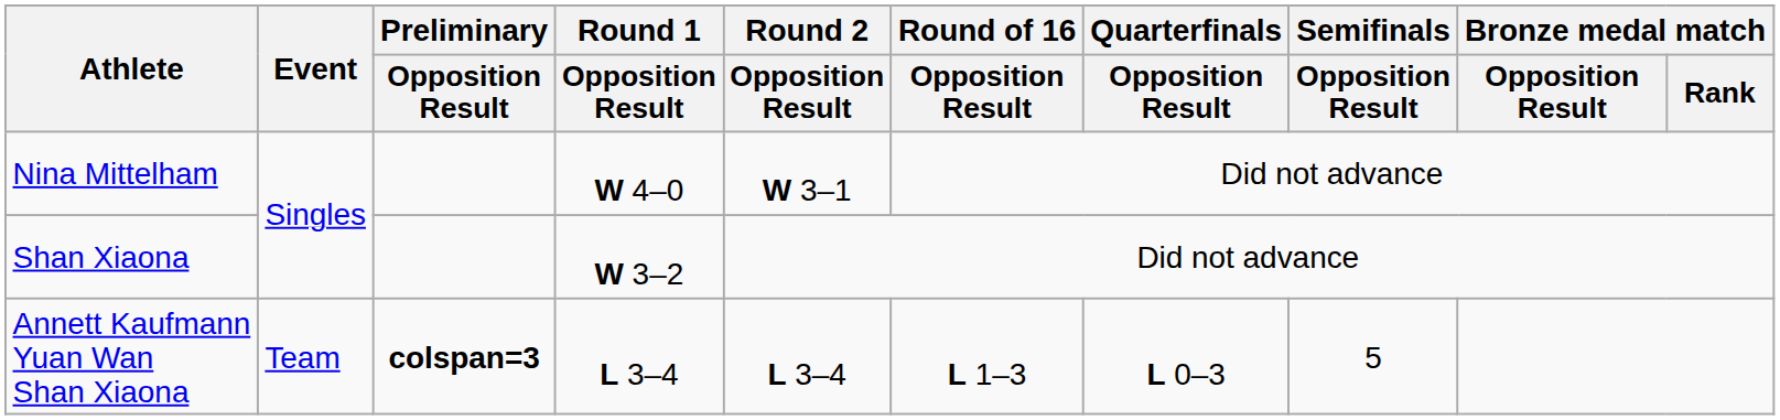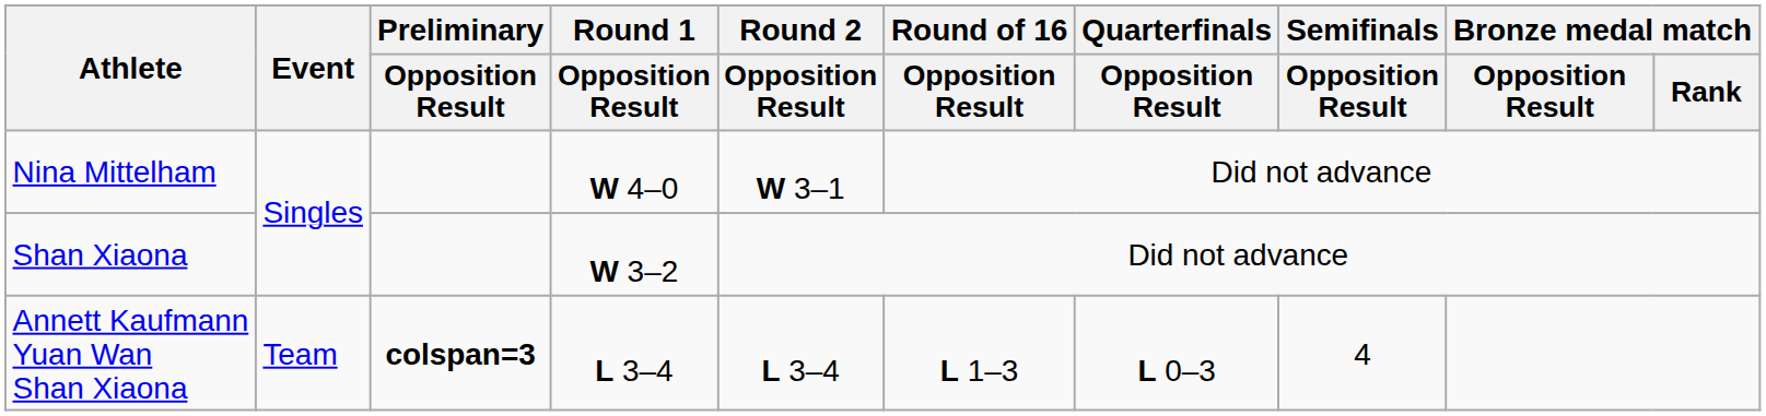 <table class=wikitable style=font-size:90%;text-align:center>
 <tr>
 <th rowspan=2>Athlete</th>
 <th rowspan=2>Event</th>
 <th>Preliminary</th>
 <th>Round 1</th>
 <th>Round 2</th>
 <th>Round of 16</th>
 <th>Quarterfinals</th>
 <th>Semifinals</th>
 <th colspan=2>Bronze medal match</th>
 </tr>
 <tr style=font-size:95%>
 <th>Opposition<br>Result</th>
 <th>Opposition<br>Result</th>
 <th>Opposition<br>Result</th>
 <th>Opposition<br>Result</th>
 <th>Opposition<br>Result</th>
 <th>Opposition<br>Result</th>
 <th>Opposition<br>Result</th>
 <th>Rank</th>
 </tr>
 <tr>
 <td align=left><a href='#'>Nina Mittelham</a></td>
 <td align=left rowspan=2><a href='#'>Singles</a></td>
 <td></td>
 <td><br><strong>W</strong> 4–0</td>
 <td><br><strong>W</strong> 3–1</td>
 <td colspan=5>Did not advance</td>
 </tr>
 <tr align=center>
 <td align=left><a href='#'>Shan Xiaona</a></td>
 <td></td>
 <td><br><strong>W</strong> 3–2</td>
 <td colspan=6>Did not advance</td>
 </tr>
 <tr>
 <td align=left><a href='#'>Annett Kaufmann</a><br><a href='#'>Yuan Wan</a><br><a href='#'>Shan Xiaona</a></td>
 <td align=left><a href='#'>Team</a></td>
 <td><strong>colspan=3 </strong></td>
 <td><br><strong>L</strong> 3–4</td>
 <td><br><strong>L</strong> 3–4</td>
 <td><br><strong>L</strong> 1–3</td>
 <td><br><strong>L</strong> 0–3</td>
-<td>5</td>
+<td>4</td>
 </tr>
 </table>
